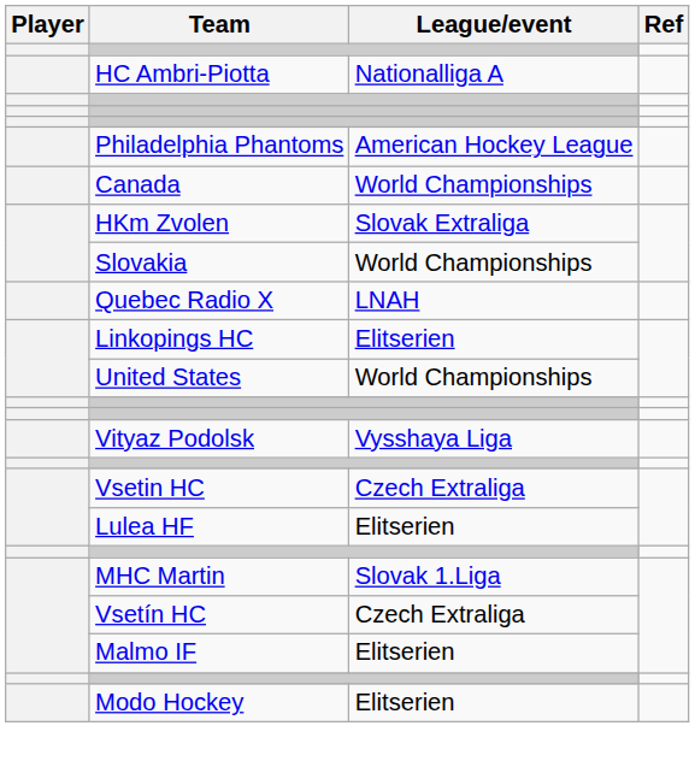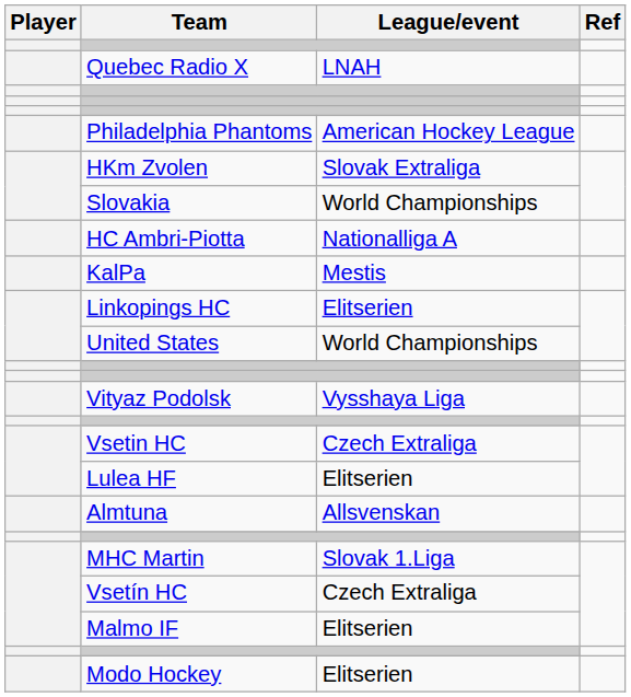 <table class="wikitable sortable plainrowheaders">
 <tr>
 <th scope="col">Player</th>
 <th scope="col">Team</th>
 <th scope="col">League/event</th>
 <th scope="col" class="unsortable">Ref</th>
 </tr>
 <tr>
 <th scope="row"></th>
 <td colspan="2" style="background:#ccc"></td>
 <td></td>
 </tr>
 <tr>
 <th scope="row"></th>
-<td><a href='#'>HC Ambri-Piotta</a></td>
-<td><a href='#'>Nationalliga A</a></td>
+<td><a href='#'>Quebec Radio X</a></td>
+<td><a href='#'>LNAH</a></td>
 <td></td>
 </tr>
 <tr>
 <th scope="row"></th>
 <td colspan="2" style="background:#ccc"></td>
 <td></td>
 </tr>
 <tr>
 <th scope="row"></th>
 <td colspan="2" style="background:#ccc"></td>
 <td></td>
 </tr>
 <tr>
 <th scope="row"></th>
 <td colspan="2" style="background:#ccc"></td>
 <td></td>
 </tr>
 <tr>
 <th scope="row"></th>
 <td><a href='#'>Philadelphia Phantoms</a></td>
 <td><a href='#'>American Hockey League</a></td>
 <td></td>
 </tr>
 <tr>
-<th scope="row"></th>
-<td><a href='#'>Canada</a></td>
-<td><a href='#'>World Championships</a></td>
-<td></td>
-</tr>
-<tr>
 <th scope="row" rowspan=2></th>
 <td><a href='#'>HKm Zvolen</a></td>
 <td><a href='#'>Slovak Extraliga</a></td>
 <td rowspan=2></td>
 </tr>
 <tr>
 <td><a href='#'>Slovakia</a></td>
 <td>World Championships</td>
 </tr>
 <tr>
 <th scope="row"></th>
-<td><a href='#'>Quebec Radio X</a></td>
-<td><a href='#'>LNAH</a></td>
+<td><a href='#'>HC Ambri-Piotta</a></td>
+<td><a href='#'>Nationalliga A</a></td>
+<td></td>
+</tr>
+<tr>
+<th scope="row"></th>
+<td><a href='#'>KalPa</a></td>
+<td><a href='#'>Mestis</a></td>
 <td></td>
 </tr>
 <tr>
 <th scope="row" rowspan=2></th>
 <td><a href='#'>Linkopings HC</a></td>
 <td><a href='#'>Elitserien</a></td>
 <td rowspan=2></td>
 </tr>
 <tr>
 <td><a href='#'>United States</a></td>
 <td>World Championships</td>
 </tr>
 <tr>
 <th scope="row"></th>
 <td colspan="2" style="background:#ccc"></td>
 <td></td>
 </tr>
 <tr>
 <th scope="row"></th>
 <td colspan="2" style="background:#ccc"></td>
 <td></td>
 </tr>
 <tr>
 <th scope="row"></th>
 <td><a href='#'>Vityaz Podolsk</a></td>
 <td><a href='#'>Vysshaya Liga</a></td>
 <td></td>
 </tr>
 <tr>
 <th scope="row"></th>
 <td colspan="2" style="background:#ccc"></td>
 <td></td>
 </tr>
 <tr>
 <th scope="row" rowspan=2></th>
 <td><a href='#'>Vsetin HC</a></td>
 <td><a href='#'>Czech Extraliga</a></td>
 <td rowspan=2></td>
 </tr>
 <tr>
 <td><a href='#'>Lulea HF</a></td>
 <td>Elitserien</td>
 </tr>
 <tr>
 <th scope="row"></th>
+<td><a href='#'>Almtuna</a></td>
+<td><a href='#'>Allsvenskan</a></td>
+<td></td>
+</tr>
+<tr>
+<th scope="row"></th>
 <td colspan="2" style="background:#ccc"></td>
 <td></td>
 </tr>
 <tr>
 <th scope="row" rowspan=3></th>
 <td><a href='#'>MHC Martin</a></td>
 <td><a href='#'>Slovak 1.Liga</a></td>
 <td rowspan=3></td>
 </tr>
 <tr>
 <td><a href='#'>Vsetín HC</a></td>
 <td>Czech Extraliga</td>
 </tr>
 <tr>
 <td><a href='#'>Malmo IF</a></td>
 <td>Elitserien</td>
 </tr>
 <tr>
 <th scope="row"></th>
 <td colspan="2" style="background:#ccc"></td>
 <td></td>
 </tr>
 <tr>
 <th scope="row"></th>
 <td><a href='#'>Modo Hockey</a></td>
 <td>Elitserien</td>
 <td></td>
 </tr>
 </table>
